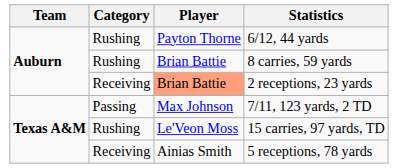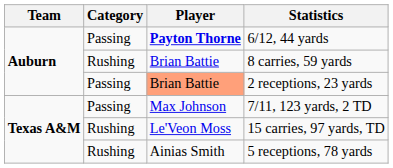 <table class="wikitable" style="float: right;">
 <tr>
 <th>Team</th>
 <th>Category</th>
 <th>Player</th>
 <th>Statistics</th>
 </tr>
 <tr>
 <td rowspan=3><strong>Auburn</strong></td>
-<td>Rushing</td>
-<td><a href='#'>Payton Thorne</a></td>
+<td>Passing</td>
+<td><strong><a href='#'>Payton Thorne</a></strong></td>
 <td>6/12, 44 yards</td>
 </tr>
 <tr>
 <td>Rushing</td>
 <td><a href='#'>Brian Battie</a></td>
 <td>8 carries, 59 yards</td>
 </tr>
 <tr>
-<td>Receiving</td>
+<td>Passing</td>
 <td style="background: lightsalmon;">Brian Battie</td>
 <td>2 receptions, 23 yards</td>
 </tr>
 <tr>
 <td rowspan=3><strong>Texas A&M</strong></td>
 <td>Passing</td>
 <td><a href='#'>Max Johnson</a></td>
 <td>7/11, 123 yards, 2 TD</td>
 </tr>
 <tr>
 <td>Rushing</td>
 <td><a href='#'>Le'Veon Moss</a></td>
 <td>15 carries, 97 yards, TD</td>
 </tr>
 <tr>
-<td>Receiving</td>
+<td>Rushing</td>
 <td>Ainias Smith</td>
 <td>5 receptions, 78 yards</td>
 </tr>
 </table>
